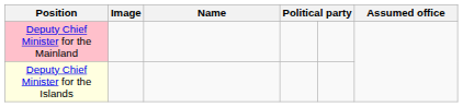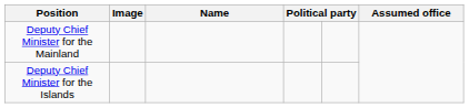 <table class="wikitable sortable" style="text-align: center;">
 <tr>
 <th width="150px">Position</th>
 <th>Image</th>
 <th width="200px">Name</th>
 <th colspan="2">Political party</th>
 <th width="150px">Assumed office</th>
 </tr>
 <tr>
-<td style="background: pink;"><a href='#'>Deputy Chief Minister</a> for the Mainland</td>
+<td><a href='#'>Deputy Chief Minister</a> for the Mainland</td>
 <td></td>
 <td></td>
 <td></td>
 <td></td>
 </tr>
 <tr>
-<td style="background: lightyellow;"><a href='#'>Deputy Chief Minister</a> for the Islands</td>
+<td><a href='#'>Deputy Chief Minister</a> for the Islands</td>
 <td></td>
 <td></td>
 <td></td>
 <td></td>
 </tr>
 </table>
